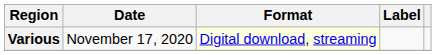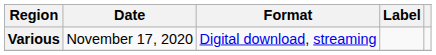 <table class="wikitable plainrowheaders">
 <tr>
 <th>Region</th>
 <th>Date</th>
 <th>Format</th>
 <th>Label</th>
 <th></th>
 </tr>
 <tr>
 <th scope="row">Various</th>
 <td>November 17, 2020</td>
-<td style="background: lightyellow;"><a href='#'>Digital download</a>, <a href='#'>streaming</a></td>
+<td><a href='#'>Digital download</a>, <a href='#'>streaming</a></td>
 <td></td>
 <td></td>
 </tr>
 <tr>
 </tr>
 </table>
